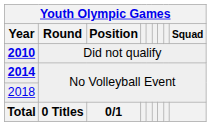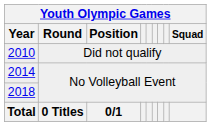 <table class="wikitable" style="text-align: center;">
 <tr>
 <th colspan=9><a href='#'>Youth Olympic Games</a></th>
 </tr>
 <tr>
 <th>Year</th>
 <th>Round</th>
 <th>Position</th>
 <th></th>
 <th></th>
 <th></th>
 <th></th>
 <th></th>
 <th><small>Squad</small></th>
 </tr>
 <tr bgcolor="efefef">
-<td><strong> <a href='#'>2010</a></strong></td>
+<td> <a href='#'>2010</a></td>
 <td colspan=9>Did not qualify</td>
 </tr>
 <tr bgcolor="efefef">
-<td><strong> <a href='#'>2014</a></strong></td>
+<td> <a href='#'>2014</a></td>
 <td colspan=9 rowspan=2 align=center>No Volleyball Event</td>
 </tr>
 <tr bgcolor="efefef">
 <td> <a href='#'>2018</a></td>
 </tr>
 <tr>
 <th>Total</th>
 <th>0 Titles</th>
 <th>0/1</th>
 <th></th>
 <th></th>
 <th></th>
 <th></th>
 <th></th>
 <th></th>
 </tr>
 </table>
